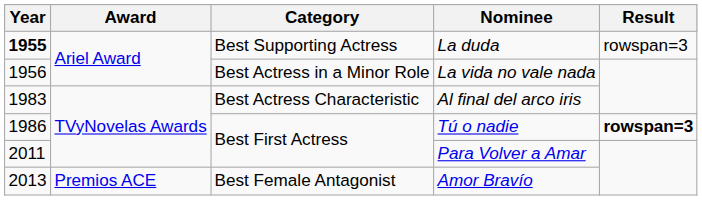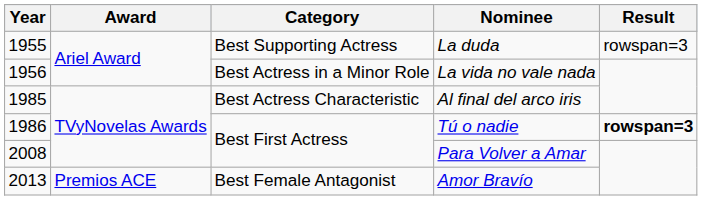 <table class="wikitable">
 <tr style="background:#b0c4de;">
 <th>Year</th>
 <th>Award</th>
 <th>Category</th>
 <th>Nominee</th>
 <th>Result</th>
 </tr>
 <tr>
-<td><strong>1955</strong></td>
+<td>1955</td>
 <td rowspan=2><a href='#'>Ariel Award</a></td>
 <td>Best Supporting Actress</td>
 <td><em>La duda</em></td>
 <td>rowspan=3 </td>
 </tr>
 <tr>
 <td>1956</td>
 <td>Best Actress in a Minor Role</td>
 <td><em>La vida no vale nada</em></td>
 </tr>
 <tr>
-<td>1983</td>
+<td>1985</td>
 <td rowspan=3><a href='#'>TVyNovelas Awards</a></td>
 <td>Best Actress Characteristic</td>
 <td><em>Al final del arco iris</em></td>
 </tr>
 <tr>
 <td>1986</td>
 <td rowspan=2>Best First Actress</td>
 <td><em><a href='#'>Tú o nadie</a></em></td>
 <td><strong>rowspan=3 </strong></td>
 </tr>
 <tr>
-<td>2011</td>
+<td>2008</td>
 <td><em><a href='#'>Para Volver a Amar</a></em></td>
 </tr>
 <tr>
 <td>2013</td>
 <td rowspan=2><a href='#'>Premios ACE</a></td>
 <td>Best Female Antagonist</td>
 <td><em><a href='#'>Amor Bravío</a></em></td>
 </tr>
 </table>
